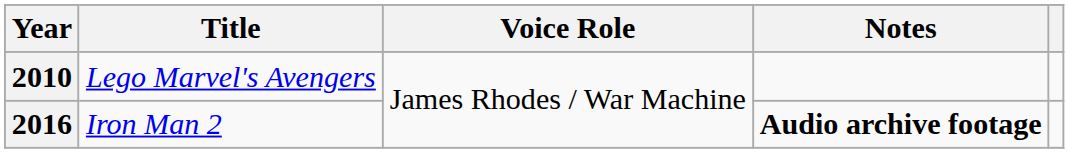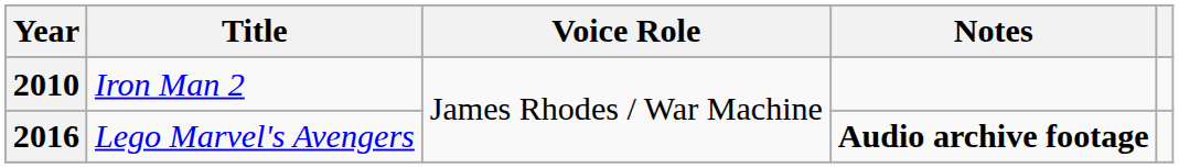 <table class="wikitable plainrowheaders" style="margin-right: 0;">
 <tr>
 <th scope="col">Year</th>
 <th scope="col">Title</th>
 <th scope="col">Voice Role</th>
 <th scope="col">Notes</th>
 <th scope="col"></th>
 </tr>
 <tr>
 <th scope="row">2010</th>
-<td><em><a href='#'>Lego Marvel's Avengers</a></em></td>
+<td><em><a href='#'>Iron Man 2</a></em></td>
 <td rowspan="2">James Rhodes / War Machine</td>
 <td></td>
 <td style="text-align: center;"></td>
 </tr>
 <tr>
 <th scope="row">2016</th>
-<td><em><a href='#'>Iron Man 2</a></em></td>
+<td><em><a href='#'>Lego Marvel's Avengers</a></em></td>
 <td><strong>Audio archive footage</strong></td>
 <td style="text-align: center;"></td>
 </tr>
 </table>
